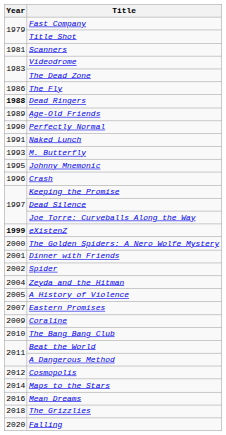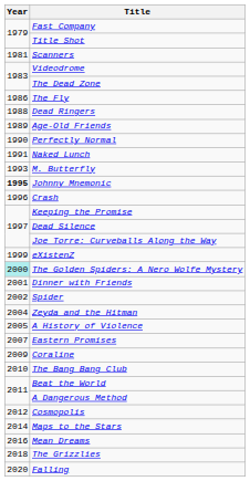 <table class="wikitable">
 <tr>
 <th>Year</th>
 <th>Title</th>
 </tr>
 <tr>
 <td rowspan=2>1979</td>
 <td><em><a href='#'>Fast Company</a></em></td>
 </tr>
 <tr>
 <td><em><a href='#'>Title Shot</a></em></td>
 </tr>
 <tr>
 <td>1981</td>
 <td><em><a href='#'>Scanners</a></em></td>
 </tr>
 <tr>
 <td rowspan=2>1983</td>
 <td><em><a href='#'>Videodrome</a></em></td>
 </tr>
 <tr>
 <td><em><a href='#'>The Dead Zone</a></em></td>
 </tr>
 <tr>
 <td>1986</td>
 <td><em><a href='#'>The Fly</a></em></td>
 </tr>
 <tr>
-<td><strong>1988</strong></td>
+<td>1988</td>
 <td><em><a href='#'>Dead Ringers</a></em></td>
 </tr>
 <tr>
 <td>1989</td>
 <td><em><a href='#'>Age-Old Friends</a></em></td>
 </tr>
 <tr>
 <td>1990</td>
 <td><em><a href='#'>Perfectly Normal</a></em></td>
 </tr>
 <tr>
 <td>1991</td>
 <td><em><a href='#'>Naked Lunch</a></em></td>
 </tr>
 <tr>
 <td>1993</td>
 <td><em><a href='#'>M. Butterfly</a></em></td>
 </tr>
 <tr>
-<td>1995</td>
+<td><strong>1995</strong></td>
 <td><em><a href='#'>Johnny Mnemonic</a></em></td>
 </tr>
 <tr>
 <td>1996</td>
 <td><em><a href='#'>Crash</a></em></td>
 </tr>
 <tr>
 <td rowspan=3>1997</td>
 <td><em><a href='#'>Keeping the Promise</a></em></td>
 </tr>
 <tr>
 <td><em><a href='#'>Dead Silence</a></em></td>
 </tr>
 <tr>
 <td><em><a href='#'>Joe Torre: Curveballs Along the Way</a></em></td>
 </tr>
 <tr>
-<td><strong>1999</strong></td>
+<td>1999</td>
 <td><em><a href='#'>eXistenZ</a></em></td>
 </tr>
 <tr>
-<td>2000</td>
+<td style="background: paleturquoise;">2000</td>
 <td><em><a href='#'>The Golden Spiders: A Nero Wolfe Mystery</a></em></td>
 </tr>
 <tr>
 <td>2001</td>
 <td><em><a href='#'>Dinner with Friends</a></em></td>
 </tr>
 <tr>
 <td>2002</td>
 <td><em><a href='#'>Spider</a></em></td>
 </tr>
 <tr>
 <td>2004</td>
 <td><em><a href='#'>Zeyda and the Hitman</a></em></td>
 </tr>
 <tr>
 <td>2005</td>
 <td><em><a href='#'>A History of Violence</a></em></td>
 </tr>
 <tr>
 <td>2007</td>
 <td><em><a href='#'>Eastern Promises</a></em></td>
 </tr>
 <tr>
 <td>2009</td>
 <td><em><a href='#'>Coraline</a></em></td>
 </tr>
 <tr>
 <td>2010</td>
 <td><em><a href='#'>The Bang Bang Club</a></em></td>
 </tr>
 <tr>
 <td rowspan=2>2011</td>
 <td><em><a href='#'>Beat the World</a></em></td>
 </tr>
 <tr>
 <td><em><a href='#'>A Dangerous Method</a></em></td>
 </tr>
 <tr>
 <td>2012</td>
 <td><em><a href='#'>Cosmopolis</a></em></td>
 </tr>
 <tr>
 <td>2014</td>
 <td><em><a href='#'>Maps to the Stars</a></em></td>
 </tr>
 <tr>
 <td>2016</td>
 <td><em><a href='#'>Mean Dreams</a></em></td>
 </tr>
 <tr>
 <td>2018</td>
 <td><em><a href='#'>The Grizzlies</a></em></td>
 </tr>
 <tr>
 <td>2020</td>
 <td><em><a href='#'>Falling</a></em></td>
 </tr>
 </table>
